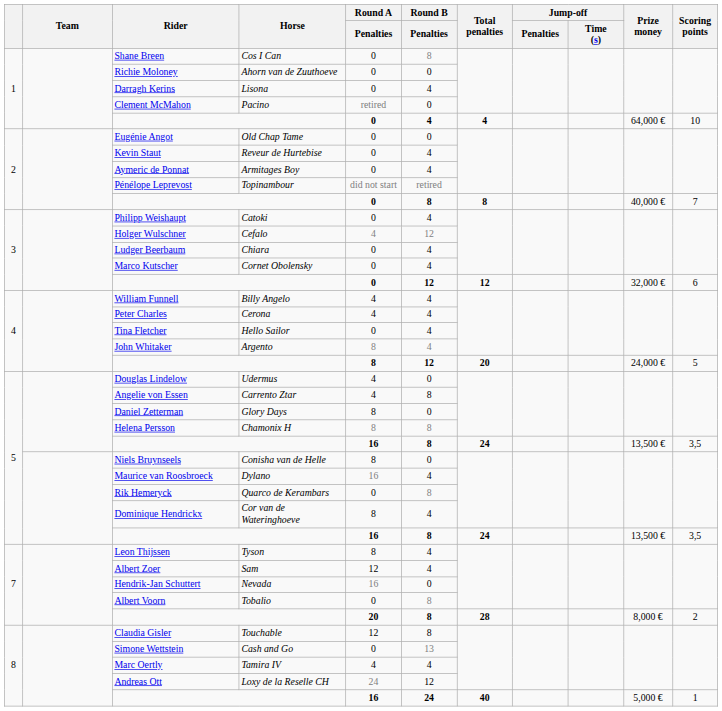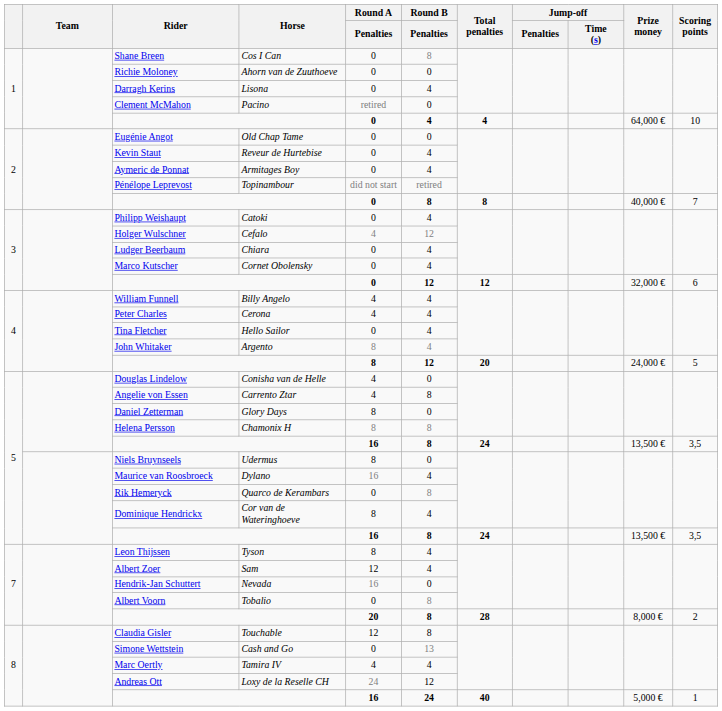 <table class="wikitable" style="font-size: 90%">
 <tr>
 <th rowspan=2 width=20></th>
 <th rowspan=2 width=125>Team</th>
 <th rowspan=2 width=180>Rider</th>
 <th rowspan=2 width=150>Horse</th>
 <th>Round A</th>
 <th>Round B</th>
 <th rowspan=2 width=75>Total penalties</th>
 <th colspan=2>Jump-off</th>
 <th rowspan=2 width=65>Prize<br>money</th>
 <th rowspan=2 width=60>Scoring<br>points</th>
 </tr>
 <tr>
 <th width=75>Penalties</th>
 <th width=75>Penalties</th>
 <th width=75>Penalties</th>
 <th width=75>Time<br>(<a href='#'>s</a>)</th>
 </tr>
 <tr>
 <td rowspan=5 align=center>1</td>
 <td rowspan=5></td>
 <td><a href='#'>Shane Breen</a></td>
 <td><em>Cos I Can</em></td>
 <td align=center>0</td>
 <td align=center style=color:gray>8</td>
 <td rowspan=4></td>
 <td rowspan=4></td>
 <td rowspan=4></td>
 <td rowspan=4></td>
 <td rowspan=4></td>
 </tr>
 <tr>
 <td><a href='#'>Richie Moloney</a></td>
 <td><em>Ahorn van de Zuuthoeve</em></td>
 <td align=center>0</td>
 <td align=center>0</td>
 </tr>
 <tr>
 <td><a href='#'>Darragh Kerins</a></td>
 <td><em>Lisona</em></td>
 <td align=center>0</td>
 <td align=center>4</td>
 </tr>
 <tr>
 <td><a href='#'>Clement McMahon</a></td>
 <td><em>Pacino</em></td>
 <td align=center style=color:gray>retired</td>
 <td align=center>0</td>
 </tr>
 <tr>
 <td colspan=2></td>
 <td align=center><strong>0</strong></td>
 <td align=center><strong>4</strong></td>
 <td align=center><strong>4</strong></td>
 <td></td>
 <td></td>
 <td align=center>64,000 €</td>
 <td align=center>10</td>
 </tr>
 <tr>
 <td rowspan=5 align=center>2</td>
 <td rowspan=5></td>
 <td><a href='#'>Eugénie Angot</a></td>
 <td><em>Old Chap Tame</em></td>
 <td align=center>0</td>
 <td align=center>0</td>
 <td rowspan=4></td>
 <td rowspan=4></td>
 <td rowspan=4></td>
 <td rowspan=4></td>
 <td rowspan=4></td>
 </tr>
 <tr>
 <td><a href='#'>Kevin Staut</a></td>
 <td><em>Reveur de Hurtebise</em></td>
 <td align=center>0</td>
 <td align=center>4</td>
 </tr>
 <tr>
 <td><a href='#'>Aymeric de Ponnat</a></td>
 <td><em>Armitages Boy</em></td>
 <td align=center>0</td>
 <td align=center>4</td>
 </tr>
 <tr>
 <td><a href='#'>Pénélope Leprevost</a></td>
 <td><em>Topinambour</em></td>
 <td align=center style=color:gray>did not start</td>
 <td align=center style=color:gray>retired</td>
 </tr>
 <tr>
 <td colspan=2></td>
 <td align=center><strong>0</strong></td>
 <td align=center><strong>8</strong></td>
 <td align=center><strong>8</strong></td>
 <td></td>
 <td></td>
 <td align=center>40,000 €</td>
 <td align=center>7</td>
 </tr>
 <tr>
 <td rowspan=5 align=center>3</td>
 <td rowspan=5></td>
 <td><a href='#'>Philipp Weishaupt</a></td>
 <td><em>Catoki</em></td>
 <td align=center>0</td>
 <td align=center>4</td>
 <td rowspan=4></td>
 <td rowspan=4></td>
 <td rowspan=4></td>
 <td rowspan=4></td>
 <td rowspan=4></td>
 </tr>
 <tr>
 <td><a href='#'>Holger Wulschner</a></td>
 <td><em>Cefalo</em></td>
 <td align=center style=color:gray>4</td>
 <td align=center style=color:gray>12</td>
 </tr>
 <tr>
 <td><a href='#'>Ludger Beerbaum</a></td>
 <td><em>Chiara</em></td>
 <td align=center>0</td>
 <td align=center>4</td>
 </tr>
 <tr>
 <td><a href='#'>Marco Kutscher</a></td>
 <td><em>Cornet Obolensky</em></td>
 <td align=center>0</td>
 <td align=center>4</td>
 </tr>
 <tr>
 <td colspan=2></td>
 <td align=center><strong>0</strong></td>
 <td align=center><strong>12</strong></td>
 <td align=center><strong>12</strong></td>
 <td></td>
 <td></td>
 <td align=center>32,000 €</td>
 <td align=center>6</td>
 </tr>
 <tr>
 <td rowspan=5 align=center>4</td>
 <td rowspan=5></td>
 <td><a href='#'>William Funnell</a></td>
 <td><em>Billy Angelo</em></td>
 <td align=center>4</td>
 <td align=center>4</td>
 <td rowspan=4></td>
 <td rowspan=4></td>
 <td rowspan=4></td>
 <td rowspan=4></td>
 <td rowspan=4></td>
 </tr>
 <tr>
 <td><a href='#'>Peter Charles</a></td>
 <td><em>Cerona</em></td>
 <td align=center>4</td>
 <td align=center>4</td>
 </tr>
 <tr>
 <td><a href='#'>Tina Fletcher</a></td>
 <td><em>Hello Sailor</em></td>
 <td align=center>0</td>
 <td align=center>4</td>
 </tr>
 <tr>
 <td><a href='#'>John Whitaker</a></td>
 <td><em>Argento</em></td>
 <td align=center style=color:gray>8</td>
 <td align=center style=color:gray>4</td>
 </tr>
 <tr>
 <td colspan=2></td>
 <td align=center><strong>8</strong></td>
 <td align=center><strong>12</strong></td>
 <td align=center><strong>20</strong></td>
 <td></td>
 <td></td>
 <td align=center>24,000 €</td>
 <td align=center>5</td>
 </tr>
 <tr>
 <td rowspan=10 align=center>5</td>
 <td rowspan=5></td>
 <td><a href='#'>Douglas Lindelow</a></td>
-<td><em>Udermus</em></td>
+<td><em>Conisha van de Helle</em></td>
 <td align=center>4</td>
 <td align=center>0</td>
 <td rowspan=4></td>
 <td rowspan=4></td>
 <td rowspan=4></td>
 <td rowspan=4></td>
 <td rowspan=4></td>
 </tr>
 <tr>
 <td><a href='#'>Angelie von Essen</a></td>
 <td><em>Carrento Ztar</em></td>
 <td align=center>4</td>
 <td align=center>8</td>
 </tr>
 <tr>
 <td><a href='#'>Daniel Zetterman</a></td>
 <td><em>Glory Days</em></td>
 <td align=center>8</td>
 <td align=center>0</td>
 </tr>
 <tr>
 <td><a href='#'>Helena Persson</a></td>
 <td><em>Chamonix H</em></td>
 <td align=center style=color:gray>8</td>
 <td align=center style=color:gray>8</td>
 </tr>
 <tr>
 <td colspan=2></td>
 <td align=center><strong>16</strong></td>
 <td align=center><strong>8</strong></td>
 <td align=center><strong>24</strong></td>
 <td></td>
 <td></td>
 <td align=center>13,500 €</td>
 <td align=center>3,5</td>
 </tr>
 <tr>
 <td rowspan=5></td>
 <td><a href='#'>Niels Bruynseels</a></td>
-<td><em>Conisha van de Helle</em></td>
+<td><em>Udermus</em></td>
 <td align=center>8</td>
 <td align=center>0</td>
 <td rowspan=4></td>
 <td rowspan=4></td>
 <td rowspan=4></td>
 <td rowspan=4></td>
 <td rowspan=4></td>
 </tr>
 <tr>
 <td><a href='#'>Maurice van Roosbroeck</a></td>
 <td><em>Dylano</em></td>
 <td align=center style=color:gray>16</td>
 <td align=center>4</td>
 </tr>
 <tr>
 <td><a href='#'>Rik Hemeryck</a></td>
 <td><em>Quarco de Kerambars</em></td>
 <td align=center>0</td>
 <td align=center style=color:gray>8</td>
 </tr>
 <tr>
 <td><a href='#'>Dominique Hendrickx</a></td>
 <td><em>Cor van de Wateringhoeve</em></td>
 <td align=center>8</td>
 <td align=center>4</td>
 </tr>
 <tr>
 <td colspan=2></td>
 <td align=center><strong>16</strong></td>
 <td align=center><strong>8</strong></td>
 <td align=center><strong>24</strong></td>
 <td></td>
 <td></td>
 <td align=center>13,500 €</td>
 <td align=center>3,5</td>
 </tr>
 <tr>
 <td rowspan=5 align=center>7</td>
 <td rowspan=5></td>
 <td><a href='#'>Leon Thijssen</a></td>
 <td><em>Tyson</em></td>
 <td align=center>8</td>
 <td align=center>4</td>
 <td rowspan=4></td>
 <td rowspan=4></td>
 <td rowspan=4></td>
 <td rowspan=4></td>
 <td rowspan=4></td>
 </tr>
 <tr>
 <td><a href='#'>Albert Zoer</a></td>
 <td><em>Sam</em></td>
 <td align=center>12</td>
 <td align=center>4</td>
 </tr>
 <tr>
 <td><a href='#'>Hendrik-Jan Schuttert</a></td>
 <td><em>Nevada</em></td>
 <td align=center style=color:gray>16</td>
 <td align=center>0</td>
 </tr>
 <tr>
 <td><a href='#'>Albert Voorn</a></td>
 <td><em>Tobalio</em></td>
 <td align=center>0</td>
 <td align=center style=color:gray>8</td>
 </tr>
 <tr>
 <td colspan=2></td>
 <td align=center><strong>20</strong></td>
 <td align=center><strong>8</strong></td>
 <td align=center><strong>28</strong></td>
 <td></td>
 <td></td>
 <td align=center>8,000 €</td>
 <td align=center>2</td>
 </tr>
 <tr>
 <td rowspan=5 align=center>8</td>
 <td rowspan=5></td>
 <td><a href='#'>Claudia Gisler</a></td>
 <td><em>Touchable</em></td>
 <td align=center>12</td>
 <td align=center>8</td>
 <td rowspan=4></td>
 <td rowspan=4></td>
 <td rowspan=4></td>
 <td rowspan=4></td>
 <td rowspan=4></td>
 </tr>
 <tr>
 <td><a href='#'>Simone Wettstein</a></td>
 <td><em>Cash and Go</em></td>
 <td align=center>0</td>
 <td align=center style=color:gray>13</td>
 </tr>
 <tr>
 <td><a href='#'>Marc Oertly</a></td>
 <td><em>Tamira IV</em></td>
 <td align=center>4</td>
 <td align=center>4</td>
 </tr>
 <tr>
 <td><a href='#'>Andreas Ott</a></td>
 <td><em>Loxy de la Reselle CH</em></td>
 <td align=center style=color:gray>24</td>
 <td align=center>12</td>
 </tr>
 <tr>
 <td colspan=2></td>
 <td align=center><strong>16</strong></td>
 <td align=center><strong>24</strong></td>
 <td align=center><strong>40</strong></td>
 <td></td>
 <td></td>
 <td align=center>5,000 €</td>
 <td align=center>1</td>
 </tr>
 </table>
